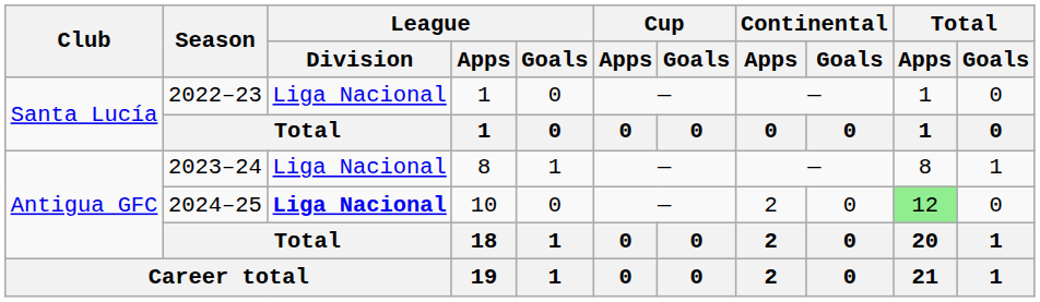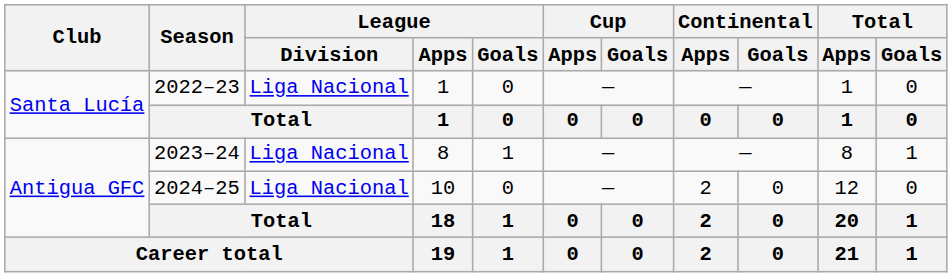 <table class="wikitable" style="text-align: center">
 <tr>
 <th rowspan="2">Club</th>
 <th rowspan="2">Season</th>
 <th colspan="3">League</th>
 <th colspan="2">Cup</th>
 <th colspan="2">Continental</th>
 <th colspan="2">Total</th>
 </tr>
 <tr>
 <th>Division</th>
 <th>Apps</th>
 <th>Goals</th>
 <th>Apps</th>
 <th>Goals</th>
 <th>Apps</th>
 <th>Goals</th>
 <th>Apps</th>
 <th>Goals</th>
 </tr>
 <tr>
 <td rowspan="2"><a href='#'>Santa Lucía</a></td>
 <td>2022–23</td>
 <td><a href='#'>Liga Nacional</a></td>
 <td>1</td>
 <td>0</td>
 <td colspan="2">—</td>
 <td colspan="2">—</td>
 <td>1</td>
 <td>0</td>
 </tr>
 <tr>
 <th colspan="2"><strong>Total</strong></th>
 <th>1</th>
 <th>0</th>
 <th>0</th>
 <th>0</th>
 <th>0</th>
 <th>0</th>
 <th>1</th>
 <th>0</th>
 </tr>
 <tr>
 <td rowspan="3"><a href='#'>Antigua GFC</a></td>
 <td>2023–24</td>
 <td><a href='#'>Liga Nacional</a></td>
 <td>8</td>
 <td>1</td>
 <td colspan="2">—</td>
 <td colspan="2">—</td>
 <td>8</td>
 <td>1</td>
 </tr>
 <tr>
 <td>2024–25</td>
-<td><strong><a href='#'>Liga Nacional</a></strong></td>
+<td><a href='#'>Liga Nacional</a></td>
 <td>10</td>
 <td>0</td>
 <td colspan="2">—</td>
 <td>2</td>
 <td>0</td>
-<td style="background: lightgreen;">12</td>
+<td>12</td>
 <td>0</td>
 </tr>
 <tr>
 <th colspan="2"><strong>Total</strong></th>
 <th>18</th>
 <th>1</th>
 <th>0</th>
 <th>0</th>
 <th>2</th>
 <th>0</th>
 <th>20</th>
 <th>1</th>
 </tr>
 <tr>
 <th colspan="3"><strong>Career total</strong></th>
 <th>19</th>
 <th>1</th>
 <th>0</th>
 <th>0</th>
 <th>2</th>
 <th>0</th>
 <th>21</th>
 <th>1</th>
 </tr>
 </table>
